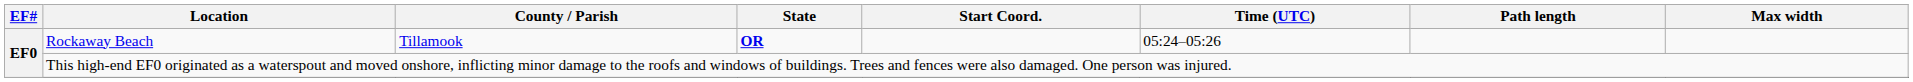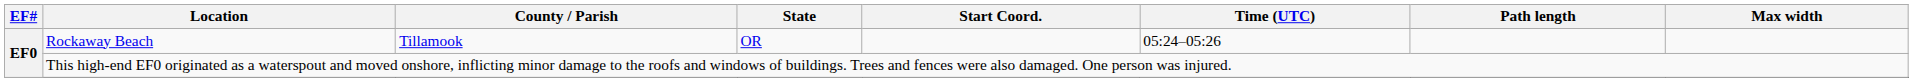 <table class="wikitable sortable" style="width:100%;">
 <tr>
 <th scope="col" width="2%" align="center"><a href='#'>EF#</a></th>
 <th scope="col" align="center" class="unsortable">Location</th>
 <th scope="col" align="center" class="unsortable">County / Parish</th>
 <th scope="col" align="center">State</th>
 <th scope="col" align="center">Start Coord.</th>
 <th scope="col" align="center">Time (<a href='#'>UTC</a>)</th>
 <th scope="col" align="center">Path length</th>
 <th scope="col" align="center">Max width</th>
 </tr>
 <tr>
 <th scope="row" rowspan="2" style="background-color:#">EF0</th>
 <td><a href='#'>Rockaway Beach</a></td>
 <td><a href='#'>Tillamook</a></td>
-<td><strong><a href='#'>OR</a></strong></td>
+<td><a href='#'>OR</a></td>
 <td></td>
 <td>05:24–05:26</td>
 <td></td>
 <td></td>
 </tr>
 <tr class="expand-child">
 <td colspan="8" style=" border-bottom: 1px solid black;">This high-end EF0 originated as a waterspout and moved onshore, inflicting minor damage to the roofs and windows of buildings. Trees and fences were also damaged. One person was injured.</td>
 </tr>
 <tr>
 </tr>
 </table>
